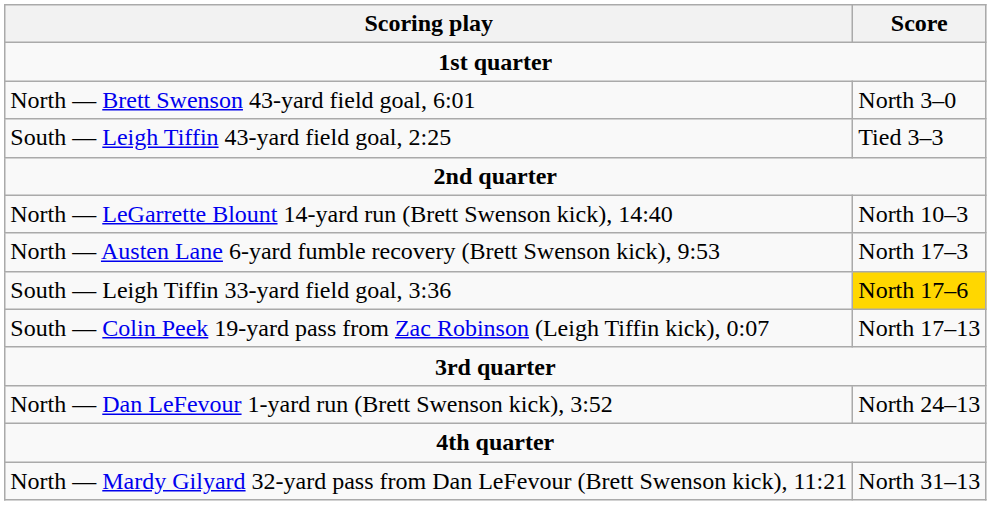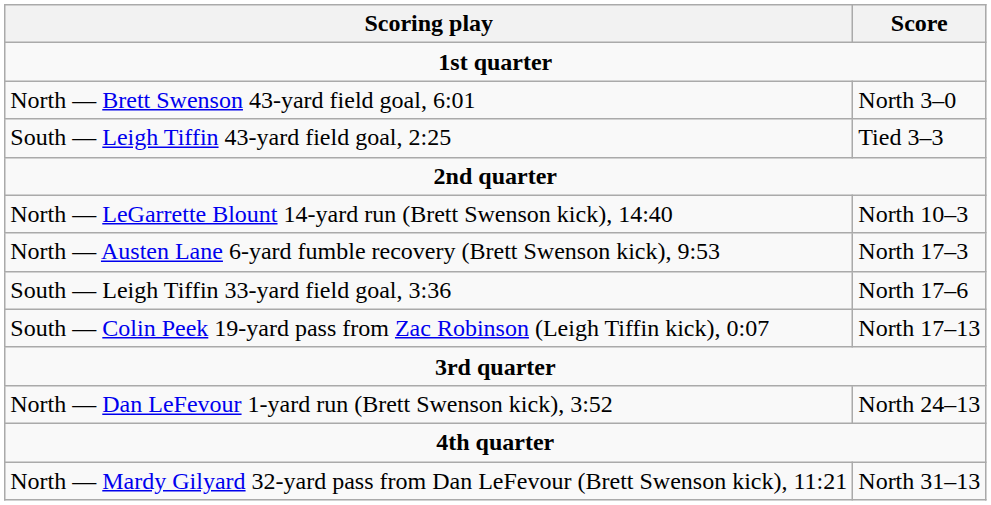 <table class="wikitable">
 <tr>
 <th>Scoring play</th>
 <th>Score</th>
 </tr>
 <tr>
 <td colspan="4" align="center"><strong>1st quarter</strong></td>
 </tr>
 <tr>
 <td>North — <a href='#'>Brett Swenson</a> 43-yard field goal, 6:01</td>
 <td>North 3–0</td>
 </tr>
 <tr>
 <td>South — <a href='#'>Leigh Tiffin</a> 43-yard field goal, 2:25</td>
 <td>Tied 3–3</td>
 </tr>
 <tr>
 <td colspan="4" align="center"><strong>2nd quarter</strong></td>
 </tr>
 <tr>
 <td>North — <a href='#'>LeGarrette Blount</a> 14-yard run (Brett Swenson kick), 14:40</td>
 <td>North 10–3</td>
 </tr>
 <tr>
 <td>North — <a href='#'>Austen Lane</a> 6-yard fumble recovery (Brett Swenson kick), 9:53</td>
 <td>North 17–3</td>
 </tr>
 <tr>
 <td>South — Leigh Tiffin 33-yard field goal, 3:36</td>
-<td style="background: gold;">North 17–6</td>
+<td>North 17–6</td>
 </tr>
 <tr>
 <td>South — <a href='#'>Colin Peek</a> 19-yard pass from <a href='#'>Zac Robinson</a> (Leigh Tiffin kick), 0:07</td>
 <td>North 17–13</td>
 </tr>
 <tr>
 <td colspan="4" align="center"><strong>3rd quarter</strong></td>
 </tr>
 <tr>
 <td>North — <a href='#'>Dan LeFevour</a> 1-yard run (Brett Swenson kick), 3:52</td>
 <td>North 24–13</td>
 </tr>
 <tr>
 <td colspan="4" align="center"><strong>4th quarter</strong></td>
 </tr>
 <tr>
 <td>North — <a href='#'>Mardy Gilyard</a> 32-yard pass from Dan LeFevour (Brett Swenson kick), 11:21</td>
 <td>North 31–13</td>
 </tr>
 </table>
